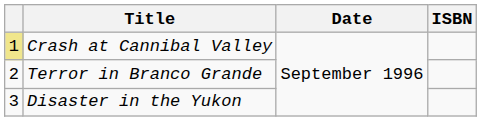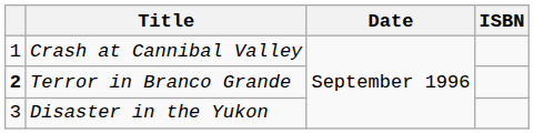 <table class="wikitable">
 <tr>
 <th></th>
 <th>Title</th>
 <th>Date</th>
 <th>ISBN</th>
 </tr>
 <tr>
-<td style="background: khaki;">1</td>
+<td>1</td>
 <td><em>Crash at Cannibal Valley</em></td>
 <td rowspan="3">September 1996</td>
 <td></td>
 </tr>
 <tr>
-<td>2</td>
+<td><strong>2</strong></td>
 <td><em>Terror in Branco Grande</em></td>
 <td></td>
 </tr>
 <tr>
 <td>3</td>
 <td><em>Disaster in the Yukon</em></td>
 <td></td>
 </tr>
 </table>
